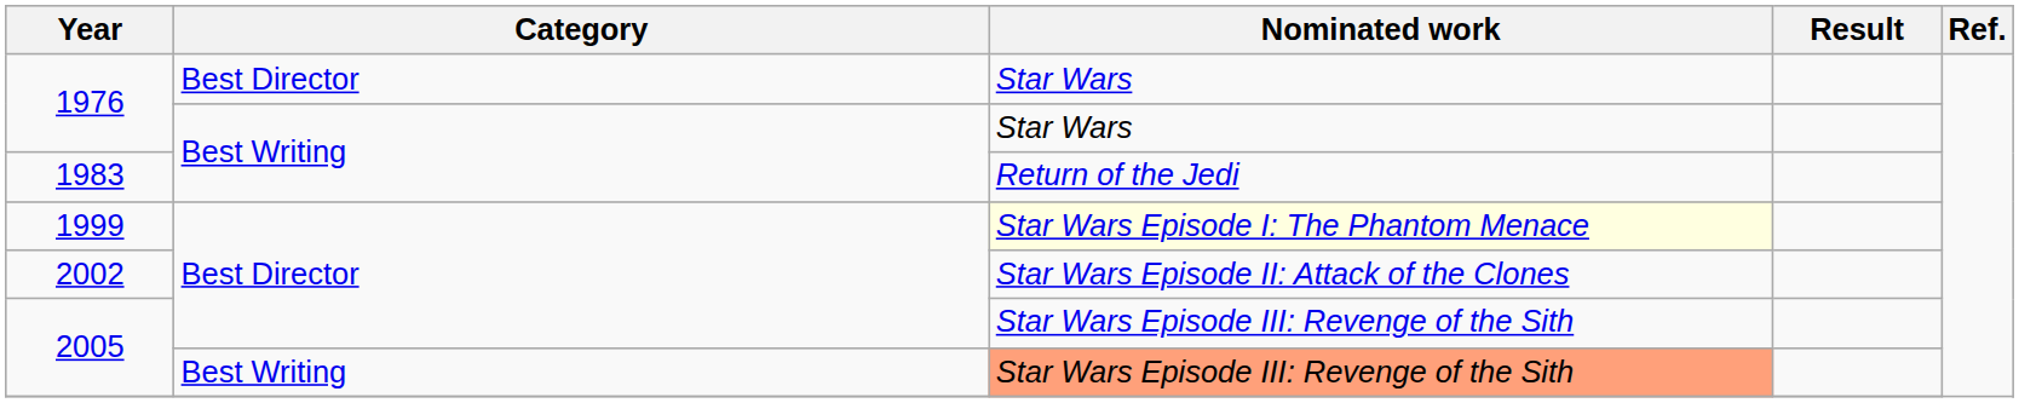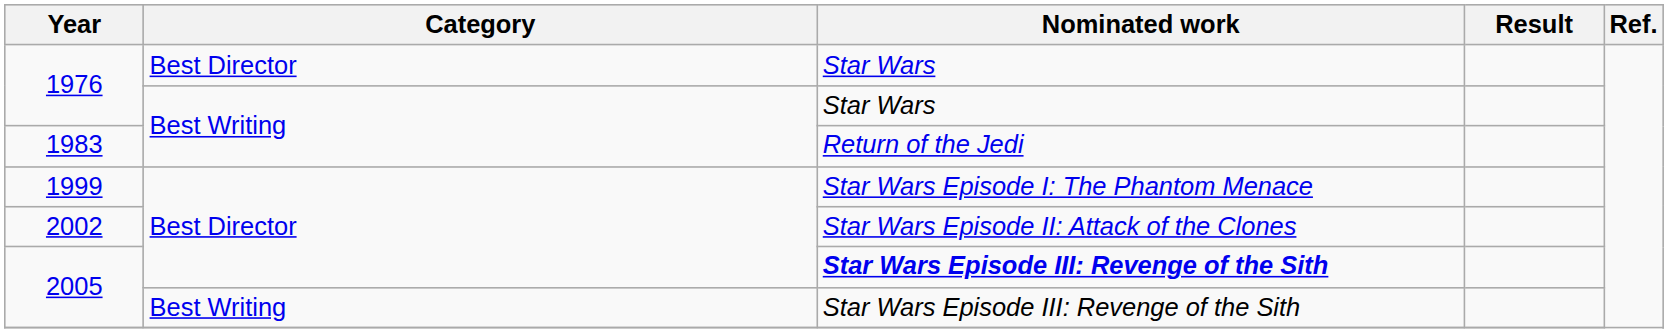 <table class=wikitable>
 <tr>
 <th scope="col" style="width:5em;">Year</th>
 <th scope="col" style="width:26em;">Category</th>
 <th scope="col" style="width:25em;">Nominated work</th>
 <th scope="col" style="width:5em;">Result</th>
 <th>Ref.</th>
 </tr>
 <tr>
 <td style="text-align:center;", rowspan="2"><a href='#'>1976</a></td>
 <td><a href='#'>Best Director</a></td>
 <td><em><a href='#'>Star Wars</a></em></td>
 <td></td>
 </tr>
 <tr>
 <td rowspan="2"><a href='#'>Best Writing</a></td>
 <td><em>Star Wars</em></td>
 <td></td>
 </tr>
 <tr>
 <td style="text-align:center;"><a href='#'>1983</a></td>
 <td><em><a href='#'>Return of the Jedi</a></em></td>
 <td></td>
 </tr>
 <tr>
 <td style="text-align:center;"><a href='#'>1999</a></td>
 <td rowspan="3"><a href='#'>Best Director</a></td>
-<td style="background: lightyellow;"><em><a href='#'>Star Wars Episode I: The Phantom Menace</a></em></td>
+<td><em><a href='#'>Star Wars Episode I: The Phantom Menace</a></em></td>
 <td></td>
 </tr>
 <tr>
 <td style="text-align:center;"><a href='#'>2002</a></td>
 <td><em><a href='#'>Star Wars Episode II: Attack of the Clones</a></em></td>
 <td></td>
 </tr>
 <tr>
 <td style="text-align:center;", rowspan="2"><a href='#'>2005</a></td>
-<td><em><a href='#'>Star Wars Episode III: Revenge of the Sith</a></em></td>
+<td><strong><em><a href='#'>Star Wars Episode III: Revenge of the Sith</a></em></strong></td>
 <td></td>
 </tr>
 <tr>
 <td><a href='#'>Best Writing</a></td>
-<td style="background: lightsalmon;"><em>Star Wars Episode III: Revenge of the Sith</em></td>
+<td><em>Star Wars Episode III: Revenge of the Sith</em></td>
 <td></td>
 </tr>
 <tr>
 </tr>
 </table>
